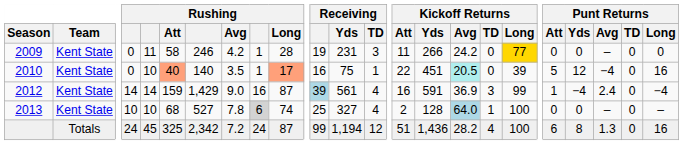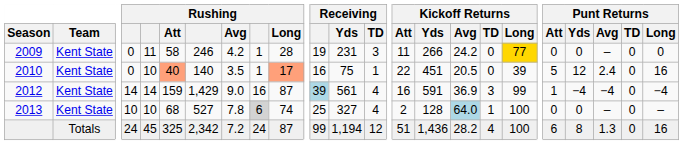 <table class="wikitable" style="text-align:center">
 <tr>
 <th colspan=2 style="background:#fff; border-color:#fff #fff #aaa #fff"></th>
 <th rowspan=99 style="background:#fff; border-color:#fff #aaa"></th>
 <th colspan=7>Rushing</th>
 <th rowspan=99 style="background:#fff; border-color:#fff #aaa"></th>
 <th colspan=3>Receiving</th>
 <th rowspan=99 style="background:#fff; border-color:#fff #aaa"></th>
 <th colspan=5>Kickoff Returns</th>
 <th rowspan=99 style="background:#fff; border-color:#fff #aaa"></th>
 <th colspan=5>Punt Returns</th>
 </tr>
 <tr>
 <th>Season</th>
 <th>Team</th>
 <th></th>
 <th></th>
 <th align="center">Att</th>
 <th></th>
 <th>Avg</th>
 <th></th>
 <th>Long</th>
 <th align="center"></th>
 <th>Yds</th>
 <th>TD</th>
 <th align="center">Att</th>
 <th>Yds</th>
 <th>Avg</th>
 <th>TD</th>
 <th>Long</th>
 <th align="center">Att</th>
 <th>Yds</th>
 <th>Avg</th>
 <th>TD</th>
 <th>Long</th>
 </tr>
 <tr>
 <td><a href='#'>2009</a></td>
 <td><a href='#'>Kent State</a></td>
 <td>0</td>
 <td>11</td>
 <td>58</td>
 <td>246</td>
 <td>4.2</td>
 <td>1</td>
 <td>28</td>
 <td>19</td>
 <td>231</td>
 <td>3</td>
 <td>11</td>
 <td>266</td>
 <td>24.2</td>
 <td>0</td>
 <td style="background: gold;">77</td>
 <td>0</td>
 <td>0</td>
 <td>–</td>
 <td>0</td>
 <td>0</td>
 </tr>
 <tr>
 <td><a href='#'>2010</a></td>
 <td><a href='#'>Kent State</a></td>
 <td>0</td>
 <td>10</td>
 <td style="background: lightsalmon;">40</td>
 <td>140</td>
 <td>3.5</td>
 <td>1</td>
 <td style="background: lightsalmon;">17</td>
 <td>16</td>
 <td>75</td>
 <td>1</td>
 <td>22</td>
 <td>451</td>
-<td style="background: paleturquoise;">20.5</td>
+<td>20.5</td>
 <td>0</td>
 <td>39</td>
 <td>5</td>
 <td>12</td>
-<td>−4</td>
+<td>2.4</td>
 <td>0</td>
 <td>16</td>
 </tr>
 <tr>
 <td><a href='#'>2012</a></td>
 <td><a href='#'>Kent State</a></td>
 <td>14</td>
 <td>14</td>
 <td>159</td>
 <td>1,429</td>
 <td>9.0</td>
 <td>16</td>
 <td>87</td>
 <td style="background: lightblue;">39</td>
 <td>561</td>
 <td>4</td>
 <td>16</td>
 <td>591</td>
 <td>36.9</td>
 <td>3</td>
 <td>99</td>
 <td>1</td>
 <td>−4</td>
-<td>2.4</td>
+<td>−4</td>
 <td>0</td>
 <td>−4</td>
 </tr>
 <tr>
 <td><a href='#'>2013</a></td>
 <td><a href='#'>Kent State</a></td>
 <td>10</td>
 <td>10</td>
 <td>68</td>
 <td>527</td>
 <td>7.8</td>
 <td style="background: lightgrey;">6</td>
 <td>74</td>
 <td>25</td>
 <td>327</td>
 <td>4</td>
 <td>2</td>
 <td>128</td>
 <td style="background: lightblue;">64.0</td>
 <td>1</td>
 <td>100</td>
 <td>0</td>
 <td>0</td>
 <td>–</td>
 <td>0</td>
 <td>–</td>
 </tr>
 <tr style="background:#f0f0f0;">
 <td></td>
 <td>Totals</td>
 <td>24</td>
 <td>45</td>
 <td>325</td>
 <td>2,342</td>
 <td>7.2</td>
 <td>24</td>
 <td>87</td>
 <td>99</td>
 <td>1,194</td>
 <td>12</td>
 <td>51</td>
 <td>1,436</td>
 <td>28.2</td>
 <td>4</td>
 <td>100</td>
 <td>6</td>
 <td>8</td>
 <td>1.3</td>
 <td>0</td>
 <td>16</td>
 </tr>
 </table>
